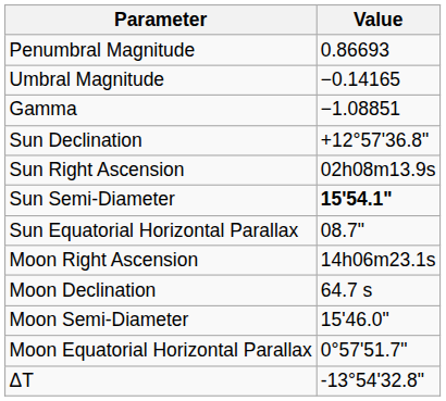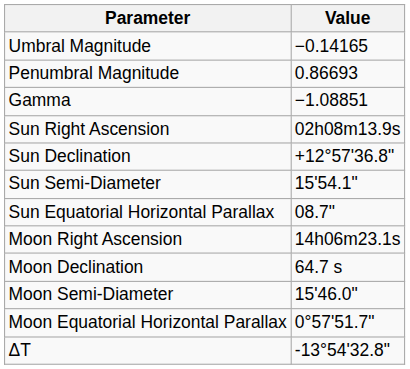 <table class="wikitable">
 <tr>
 <th>Parameter</th>
 <th>Value</th>
 </tr>
 <tr>
+<td>Umbral Magnitude</td>
+<td>−0.14165</td>
+</tr>
+<tr>
 <td>Penumbral Magnitude</td>
 <td>0.86693</td>
-</tr>
-<tr>
-<td>Umbral Magnitude</td>
-<td>−0.14165</td>
 </tr>
 <tr>
 <td>Gamma</td>
 <td>−1.08851</td>
 </tr>
 <tr>
+<td>Sun Right Ascension</td>
+<td>02h08m13.9s</td>
+</tr>
+<tr>
 <td>Sun Declination</td>
 <td>+12°57'36.8"</td>
 </tr>
 <tr>
-<td>Sun Right Ascension</td>
-<td>02h08m13.9s</td>
-</tr>
-<tr>
 <td>Sun Semi-Diameter</td>
-<td><strong>15'54.1"</strong></td>
+<td>15'54.1"</td>
 </tr>
 <tr>
 <td>Sun Equatorial Horizontal Parallax</td>
 <td>08.7"</td>
 </tr>
 <tr>
 <td>Moon Right Ascension</td>
 <td>14h06m23.1s</td>
 </tr>
 <tr>
 <td>Moon Declination</td>
 <td>64.7 s</td>
 </tr>
 <tr>
 <td>Moon Semi-Diameter</td>
 <td>15'46.0"</td>
 </tr>
 <tr>
 <td>Moon Equatorial Horizontal Parallax</td>
 <td>0°57'51.7"</td>
 </tr>
 <tr>
 <td>ΔT</td>
 <td>-13°54'32.8"</td>
 </tr>
 </table>
